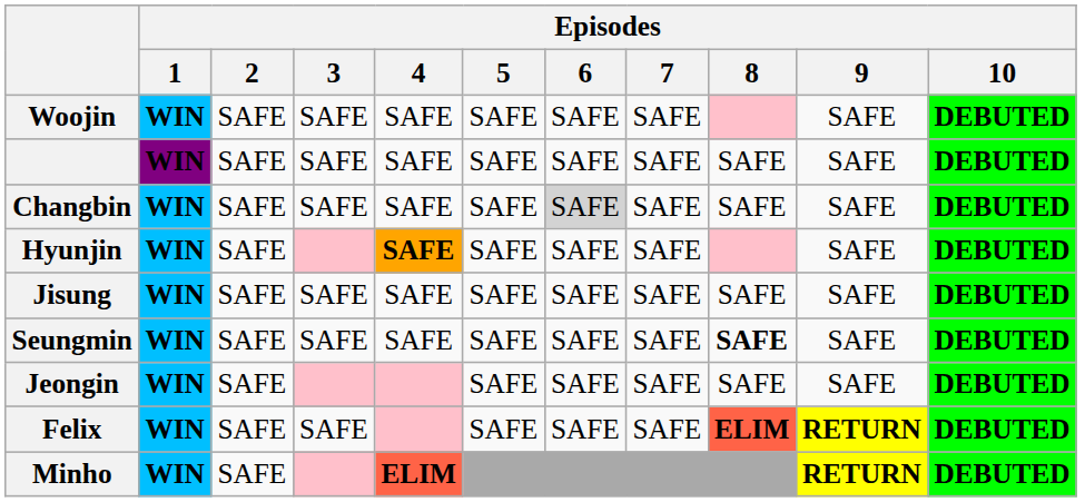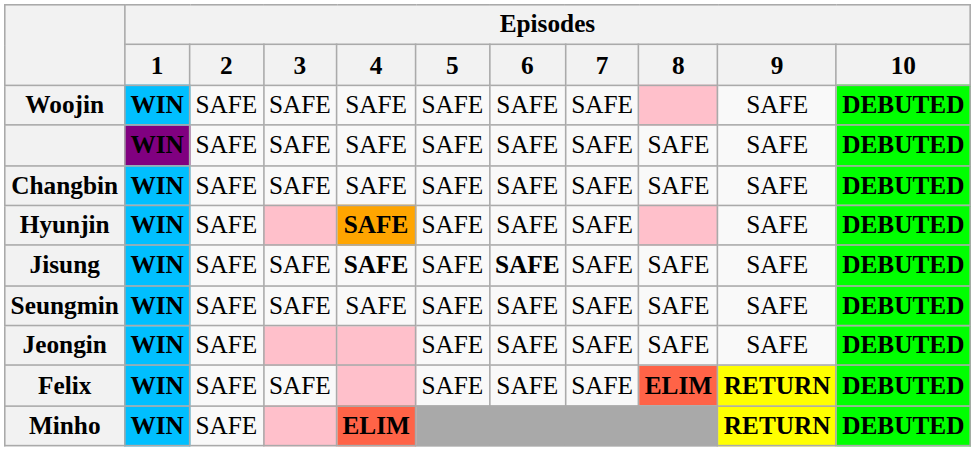 <table class="wikitable" style="text-align:center">
 <tr>
 <th rowspan="2"></th>
 <th colspan="12">Episodes</th>
 </tr>
 <tr>
 <th>1</th>
 <th>2</th>
 <th>3</th>
 <th>4</th>
 <th>5</th>
 <th>6</th>
 <th>7</th>
 <th>8</th>
 <th>9</th>
 <th colspan="3">10</th>
 </tr>
 <tr>
 <th>Woojin</th>
 <td bgcolor="deepskyblue"><strong>WIN</strong></td>
 <td>SAFE</td>
 <td>SAFE</td>
 <td>SAFE</td>
 <td>SAFE</td>
 <td>SAFE</td>
 <td>SAFE</td>
 <td bgcolor="pink"></td>
 <td>SAFE</td>
 <td colspan="3" style="background:lime;"><strong>DEBUTED</strong></td>
 </tr>
 <tr>
 <th></th>
 <td bgcolor="purple"><span><strong>WIN</strong></span></td>
 <td>SAFE</td>
 <td>SAFE</td>
 <td>SAFE</td>
 <td>SAFE</td>
 <td>SAFE</td>
 <td>SAFE</td>
 <td>SAFE</td>
 <td>SAFE</td>
 <td colspan="3" style="background:lime;"><strong>DEBUTED</strong></td>
 </tr>
 <tr>
 <th>Changbin</th>
 <td bgcolor="deepskyblue"><strong>WIN</strong></td>
 <td>SAFE</td>
 <td>SAFE</td>
 <td>SAFE</td>
 <td>SAFE</td>
-<td style="background: lightgrey;">SAFE</td>
+<td>SAFE</td>
 <td>SAFE</td>
 <td>SAFE</td>
 <td>SAFE</td>
 <td colspan="3" style="background:lime;"><strong>DEBUTED</strong></td>
 </tr>
 <tr>
 <th>Hyunjin</th>
 <td bgcolor="deepskyblue"><strong>WIN</strong></td>
 <td>SAFE</td>
 <td bgcolor="pink"></td>
 <td bgcolor="orange"><strong>SAFE</strong></td>
 <td>SAFE</td>
 <td>SAFE</td>
 <td>SAFE</td>
 <td bgcolor="pink"></td>
 <td>SAFE</td>
 <td colspan="3" style="background:lime;"><strong>DEBUTED</strong></td>
 </tr>
 <tr>
 <th>Jisung</th>
 <td bgcolor="deepskyblue"><strong>WIN</strong></td>
 <td>SAFE</td>
 <td>SAFE</td>
+<td><strong>SAFE</strong></td>
 <td>SAFE</td>
-<td>SAFE</td>
-<td>SAFE</td>
+<td><strong>SAFE</strong></td>
 <td>SAFE</td>
 <td>SAFE</td>
 <td>SAFE</td>
 <td colspan="3" style="background:lime;"><strong>DEBUTED</strong></td>
 </tr>
 <tr>
 <th>Seungmin</th>
 <td bgcolor="deepskyblue"><strong>WIN</strong></td>
 <td>SAFE</td>
 <td>SAFE</td>
 <td>SAFE</td>
 <td>SAFE</td>
 <td>SAFE</td>
 <td>SAFE</td>
-<td><strong>SAFE</strong></td>
+<td>SAFE</td>
 <td>SAFE</td>
 <td colspan="3" style="background:lime;"><strong>DEBUTED</strong></td>
 </tr>
 <tr>
 <th>Jeongin</th>
 <td bgcolor="deepskyblue"><strong>WIN</strong></td>
 <td>SAFE</td>
 <td bgcolor="pink"></td>
 <td bgcolor="pink"></td>
 <td>SAFE</td>
 <td>SAFE</td>
 <td>SAFE</td>
 <td>SAFE</td>
 <td>SAFE</td>
 <td colspan="3" style="background:lime;"><strong>DEBUTED</strong></td>
 </tr>
 <tr>
 <th>Felix</th>
 <td bgcolor="deepskyblue"><strong>WIN</strong></td>
 <td>SAFE</td>
 <td>SAFE</td>
 <td bgcolor="pink"></td>
 <td>SAFE</td>
 <td>SAFE</td>
 <td>SAFE</td>
 <td bgcolor="tomato"><strong>ELIM</strong></td>
 <td bgcolor="yellow"><strong>RETURN</strong></td>
 <td colspan="3" style="background:lime;"><strong>DEBUTED</strong></td>
 </tr>
 <tr>
 <th>Minho</th>
 <td bgcolor="deepskyblue"><strong>WIN</strong></td>
 <td>SAFE</td>
 <td bgcolor="pink"></td>
 <td bgcolor="tomato"><strong>ELIM</strong></td>
 <td colspan="4" bgcolor="darkgray"></td>
 <td bgcolor="yellow"><strong>RETURN</strong></td>
 <td colspan="3" style="background:lime;"><strong>DEBUTED</strong></td>
 </tr>
 </table>
